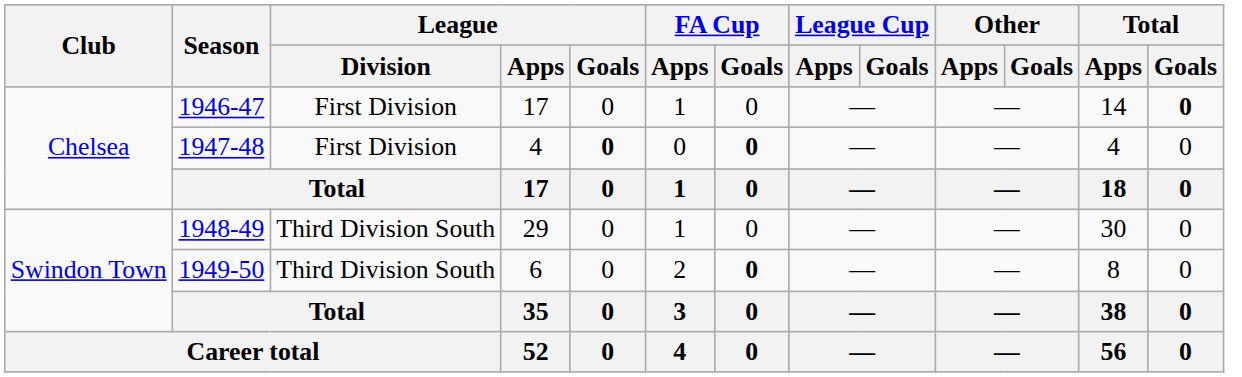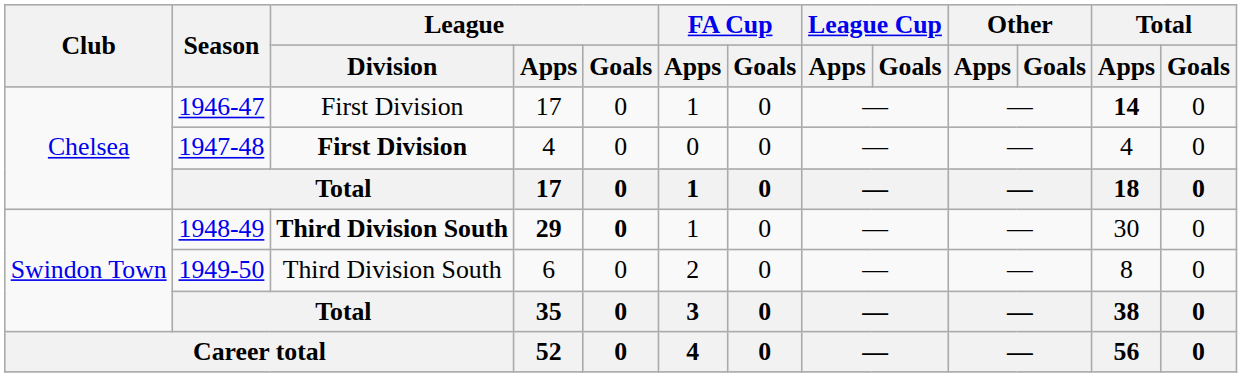 <table class=wikitable style=text-align:center>
 <tr>
 <th rowspan=2>Club</th>
 <th rowspan=2>Season</th>
 <th colspan=3>League</th>
 <th colspan=2><a href='#'>FA Cup</a></th>
 <th colspan=2><a href='#'>League Cup</a></th>
 <th colspan=2>Other</th>
 <th colspan=2>Total</th>
 </tr>
 <tr>
 <th>Division</th>
 <th>Apps</th>
 <th>Goals</th>
 <th>Apps</th>
 <th>Goals</th>
 <th>Apps</th>
 <th>Goals</th>
 <th>Apps</th>
 <th>Goals</th>
 <th>Apps</th>
 <th>Goals</th>
 </tr>
 <tr>
 <td rowspan=3><a href='#'>Chelsea</a></td>
 <td><a href='#'>1946-47</a></td>
 <td>First Division</td>
 <td>17</td>
 <td>0</td>
 <td>1</td>
 <td>0</td>
 <td colspan=2>—</td>
 <td colspan=2>—</td>
-<td>14</td>
-<td><strong>0</strong></td>
+<td><strong>14</strong></td>
+<td>0</td>
 </tr>
 <tr>
 <td><a href='#'>1947-48</a></td>
-<td>First Division</td>
+<td><strong>First Division</strong></td>
 <td>4</td>
-<td><strong>0</strong></td>
 <td>0</td>
-<td><strong>0</strong></td>
+<td>0</td>
+<td>0</td>
 <td colspan=2>—</td>
 <td colspan=2>—</td>
 <td>4</td>
 <td>0</td>
 </tr>
 <tr>
 <th colspan=2>Total</th>
 <th>17</th>
 <th>0</th>
 <th>1</th>
 <th>0</th>
 <th colspan=2>—</th>
 <th colspan=2>—</th>
 <th>18</th>
 <th>0</th>
 </tr>
 <tr>
 <td rowspan=3><a href='#'>Swindon Town</a></td>
 <td><a href='#'>1948-49</a></td>
-<td>Third Division South</td>
-<td>29</td>
-<td>0</td>
+<td><strong>Third Division South</strong></td>
+<td><strong>29</strong></td>
+<td><strong>0</strong></td>
 <td>1</td>
 <td>0</td>
 <td colspan=2>—</td>
 <td colspan=2>—</td>
 <td>30</td>
 <td>0</td>
 </tr>
 <tr>
 <td><a href='#'>1949-50</a></td>
 <td>Third Division South</td>
 <td>6</td>
 <td>0</td>
 <td>2</td>
-<td><strong>0</strong></td>
+<td>0</td>
 <td colspan=2>—</td>
 <td colspan=2>—</td>
 <td>8</td>
 <td>0</td>
 </tr>
 <tr>
 <th colspan=2>Total</th>
 <th>35</th>
 <th>0</th>
 <th>3</th>
 <th>0</th>
 <th colspan=2>—</th>
 <th colspan=2>—</th>
 <th>38</th>
 <th>0</th>
 </tr>
 <tr>
 <th colspan=3>Career total</th>
 <th>52</th>
 <th>0</th>
 <th>4</th>
 <th>0</th>
 <th colspan=2>—</th>
 <th colspan=2>—</th>
 <th>56</th>
 <th>0</th>
 </tr>
 </table>
